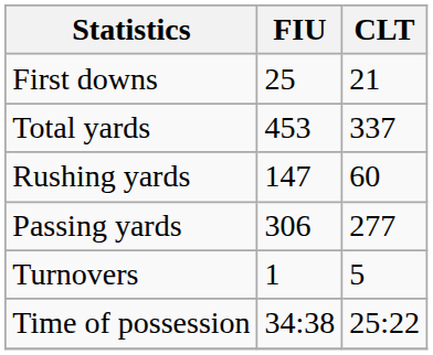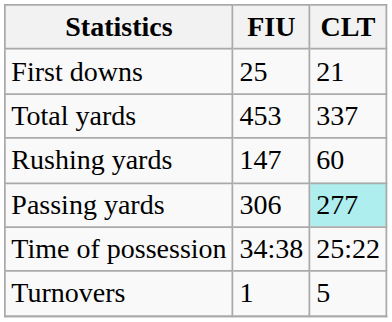 <table class="wikitable">
 <tr>
 <th>Statistics</th>
 <th>FIU</th>
 <th>CLT</th>
 </tr>
 <tr>
 <td>First downs</td>
 <td>25</td>
 <td>21</td>
 </tr>
 <tr>
 <td>Total yards</td>
 <td>453</td>
 <td>337</td>
 </tr>
 <tr>
 <td>Rushing yards</td>
 <td>147</td>
 <td>60</td>
 </tr>
 <tr>
 <td>Passing yards</td>
 <td>306</td>
-<td>277</td>
+<td style="background: paleturquoise;">277</td>
+</tr>
+<tr>
+<td>Time of possession</td>
+<td>34:38</td>
+<td>25:22</td>
 </tr>
 <tr>
 <td>Turnovers</td>
 <td>1</td>
 <td>5</td>
 </tr>
 <tr>
-<td>Time of possession</td>
-<td>34:38</td>
-<td>25:22</td>
-</tr>
-<tr>
 </tr>
 </table>
